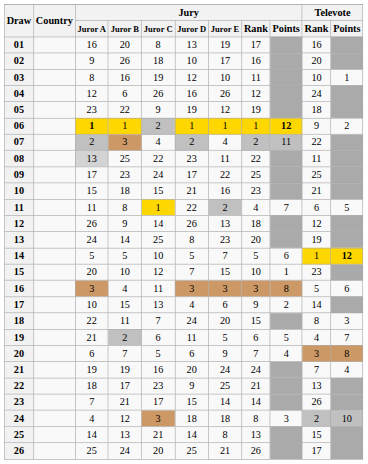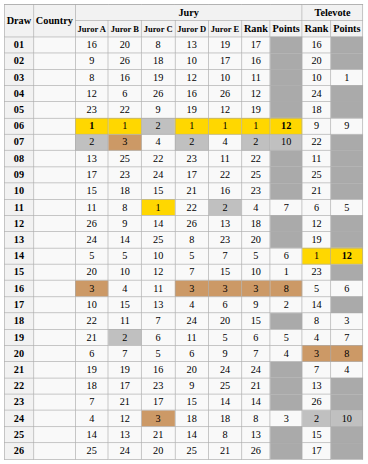 <table class="sortable wikitable collapsible plainrowheaders" style="text-align:center;">
 <tr>
 </tr>
 <tr>
 <th scope="col" rowspan="2">Draw</th>
 <th scope="col" rowspan="2">Country</th>
 <th scope="col" colspan="7">Jury</th>
 <th scope="col" colspan="2">Televote</th>
 </tr>
 <tr>
 <th scope="col"><small>Juror A</small></th>
 <th scope="col"><small>Juror B</small></th>
 <th scope="col"><small>Juror C</small></th>
 <th scope="col"><small>Juror D</small></th>
 <th scope="col"><small>Juror E</small></th>
 <th scope="col">Rank</th>
 <th scope="col">Points</th>
 <th scope="col">Rank</th>
 <th scope="col">Points</th>
 </tr>
 <tr>
 <th scope="row" style="text-align:center;">01</th>
 <td style="text-align:left;"></td>
 <td>16</td>
 <td>20</td>
 <td>8</td>
 <td>13</td>
 <td>19</td>
 <td>17</td>
 <td style="background:#AAAAAA;"></td>
 <td>16</td>
 <td style="background:#AAAAAA;"></td>
 </tr>
 <tr>
 <th scope="row" style="text-align:center;">02</th>
 <td style="text-align:left;"></td>
 <td>9</td>
 <td>26</td>
 <td>18</td>
 <td>10</td>
 <td>17</td>
 <td>16</td>
 <td style="background:#AAAAAA;"></td>
 <td>20</td>
 <td style="background:#AAAAAA;"></td>
 </tr>
 <tr>
 <th scope="row" style="text-align:center;">03</th>
 <td style="text-align:left;"></td>
 <td>8</td>
 <td>16</td>
 <td>19</td>
 <td>12</td>
 <td>10</td>
 <td>11</td>
 <td style="background:#AAAAAA;"></td>
 <td>10</td>
 <td>1</td>
 </tr>
 <tr>
 <th scope="row" style="text-align:center;">04</th>
 <td style="text-align:left;"></td>
 <td>12</td>
 <td>6</td>
 <td>26</td>
 <td>16</td>
 <td>26</td>
 <td>12</td>
 <td style="background:#AAAAAA;"></td>
 <td>24</td>
 <td style="background:#AAAAAA;"></td>
 </tr>
 <tr>
 <th scope="row" style="text-align:center;">05</th>
 <td style="text-align:left;"></td>
 <td>23</td>
 <td>22</td>
 <td>9</td>
 <td>19</td>
 <td>12</td>
 <td>19</td>
 <td style="background:#AAAAAA;"></td>
 <td>18</td>
 <td style="background:#AAAAAA;"></td>
 </tr>
 <tr>
 <th scope="row" style="text-align:center;">06</th>
 <td style="text-align:left;"></td>
 <td style="background:gold;"><strong>1</strong></td>
 <td style="background:gold;">1</td>
 <td style="background:silver;">2</td>
 <td style="background:gold;">1</td>
 <td style="background:gold;">1</td>
 <td style="background:gold;">1</td>
 <td style="background:gold;"><strong>12</strong></td>
 <td>9</td>
-<td>2</td>
+<td>9</td>
 </tr>
 <tr>
 <th scope="row" style="text-align:center;">07</th>
 <td style="text-align:left;"></td>
 <td style="background:silver;">2</td>
 <td style="background:#CC9966;">3</td>
 <td>4</td>
 <td style="background:silver;">2</td>
 <td>4</td>
 <td style="background:silver;">2</td>
-<td style="background:silver;">11</td>
+<td style="background:silver;">10</td>
 <td>22</td>
 <td style="background:#AAAAAA;"></td>
 </tr>
 <tr>
 <th scope="row" style="text-align:center;">08</th>
 <td style="text-align:left;"></td>
-<td style="background: lightgrey;">13</td>
+<td>13</td>
 <td>25</td>
 <td>22</td>
 <td>23</td>
 <td>11</td>
 <td>22</td>
 <td style="background:#AAAAAA;"></td>
 <td>11</td>
 <td style="background:#AAAAAA;"></td>
 </tr>
 <tr>
 <th scope="row" style="text-align:center;">09</th>
 <td style="text-align:left;"></td>
 <td>17</td>
 <td>23</td>
 <td>24</td>
 <td>17</td>
 <td>22</td>
 <td>25</td>
 <td style="background:#AAAAAA;"></td>
 <td>25</td>
 <td style="background:#AAAAAA;"></td>
 </tr>
 <tr>
 <th scope="row" style="text-align:center;">10</th>
 <td style="text-align:left;"></td>
 <td>15</td>
 <td>18</td>
 <td>15</td>
 <td>21</td>
 <td>16</td>
 <td>23</td>
 <td style="background:#AAAAAA;"></td>
 <td>21</td>
 <td style="background:#AAAAAA;"></td>
 </tr>
 <tr>
 <th scope="row" style="text-align:center;">11</th>
 <td style="text-align:left;"></td>
 <td>11</td>
 <td>8</td>
 <td style="background:gold;">1</td>
 <td>22</td>
 <td style="background:silver;">2</td>
 <td>4</td>
 <td>7</td>
 <td>6</td>
 <td>5</td>
 </tr>
 <tr>
 <th scope="row" style="text-align:center;">12</th>
 <td style="text-align:left;"></td>
 <td>26</td>
 <td>9</td>
 <td>14</td>
 <td>26</td>
 <td>13</td>
 <td>18</td>
 <td style="background:#AAAAAA;"></td>
 <td>12</td>
 <td style="background:#AAAAAA;"></td>
 </tr>
 <tr>
 <th scope="row" style="text-align:center;">13</th>
 <td style="text-align:left;"></td>
 <td>24</td>
 <td>14</td>
 <td>25</td>
 <td>8</td>
 <td>23</td>
 <td>20</td>
 <td style="background:#AAAAAA;"></td>
 <td>19</td>
 <td style="background:#AAAAAA;"></td>
 </tr>
 <tr>
 <th scope="row" style="text-align:center;">14</th>
 <td style="text-align:left;"></td>
 <td>5</td>
 <td>5</td>
 <td>10</td>
 <td>5</td>
 <td>7</td>
 <td>5</td>
 <td>6</td>
 <td style="background:gold;">1</td>
 <td style="background:gold;"><strong>12</strong></td>
 </tr>
 <tr>
 <th scope="row" style="text-align:center;">15</th>
 <td style="text-align:left;"></td>
 <td>20</td>
 <td>10</td>
 <td>12</td>
 <td>7</td>
 <td>15</td>
 <td>10</td>
 <td>1</td>
 <td>23</td>
 <td style="background:#AAAAAA;"></td>
 </tr>
 <tr>
 <th scope="row" style="text-align:center;">16</th>
 <td style="text-align:left;"></td>
 <td style="background:#CC9966;">3</td>
 <td>4</td>
 <td>11</td>
 <td style="background:#CC9966;">3</td>
 <td style="background:#CC9966;">3</td>
 <td style="background:#CC9966;">3</td>
 <td style="background:#CC9966;">8</td>
 <td>5</td>
 <td>6</td>
 </tr>
 <tr>
 <th scope="row" style="text-align:center;">17</th>
 <td style="text-align:left;"></td>
 <td>10</td>
 <td>15</td>
 <td>13</td>
 <td>4</td>
 <td>6</td>
 <td>9</td>
 <td>2</td>
 <td>14</td>
 <td style="background:#AAAAAA;"></td>
 </tr>
 <tr>
 <th scope="row" style="text-align:center;">18</th>
 <td style="text-align:left;"></td>
 <td>22</td>
 <td>11</td>
 <td>7</td>
 <td>24</td>
 <td>20</td>
 <td>15</td>
 <td style="background:#AAAAAA;"></td>
 <td>8</td>
 <td>3</td>
 </tr>
 <tr>
 <th scope="row" style="text-align:center;">19</th>
 <td style="text-align:left;"></td>
 <td>21</td>
 <td style="background:silver;">2</td>
 <td>6</td>
 <td>11</td>
 <td>5</td>
 <td>6</td>
 <td>5</td>
 <td>4</td>
 <td>7</td>
 </tr>
 <tr>
 <th scope="row" style="text-align:center;">20</th>
 <td style="text-align:left;"></td>
 <td>6</td>
 <td>7</td>
 <td>5</td>
 <td>6</td>
 <td>9</td>
 <td>7</td>
 <td>4</td>
 <td style="background:#CC9966;">3</td>
 <td style="background:#CC9966;">8</td>
 </tr>
 <tr>
 <th scope="row" style="text-align:center;">21</th>
 <td style="text-align:left;"></td>
 <td>19</td>
 <td>19</td>
 <td>16</td>
 <td>20</td>
 <td>24</td>
 <td>24</td>
 <td style="background:#AAAAAA;"></td>
 <td>7</td>
 <td>4</td>
 </tr>
 <tr>
 <th scope="row" style="text-align:center;">22</th>
 <td style="text-align:left;"></td>
 <td>18</td>
 <td>17</td>
 <td>23</td>
 <td>9</td>
 <td>25</td>
 <td>21</td>
 <td style="background:#AAAAAA;"></td>
 <td>13</td>
 <td style="background:#AAAAAA;"></td>
 </tr>
 <tr>
 <th scope="row" style="text-align:center;">23</th>
 <td style="text-align:left;"></td>
 <td>7</td>
 <td>21</td>
 <td>17</td>
 <td>15</td>
 <td>14</td>
 <td>14</td>
 <td style="background:#AAAAAA;"></td>
 <td>26</td>
 <td style="background:#AAAAAA;"></td>
 </tr>
 <tr>
 <th scope="row" style="text-align:center;">24</th>
 <td style="text-align:left;"></td>
 <td>4</td>
 <td>12</td>
 <td style="background:#CC9966;">3</td>
 <td>18</td>
 <td>18</td>
 <td>8</td>
 <td>3</td>
 <td style="background:silver;">2</td>
 <td style="background:silver;">10</td>
 </tr>
 <tr>
 <th scope="row" style="text-align:center;">25</th>
 <td style="text-align:left;"></td>
 <td>14</td>
 <td>13</td>
 <td>21</td>
 <td>14</td>
 <td>8</td>
 <td>13</td>
 <td style="background:#AAAAAA;"></td>
 <td>15</td>
 <td style="background:#AAAAAA;"></td>
 </tr>
 <tr>
 <th scope="row" style="text-align:center;">26</th>
 <td style="text-align:left;"></td>
 <td>25</td>
 <td>24</td>
 <td>20</td>
 <td>25</td>
 <td>21</td>
 <td>26</td>
 <td style="background:#AAAAAA;"></td>
 <td>17</td>
 <td style="background:#AAAAAA;"></td>
 </tr>
 </table>
